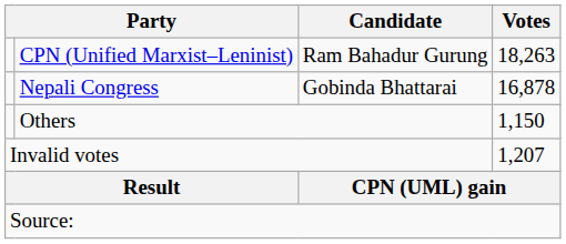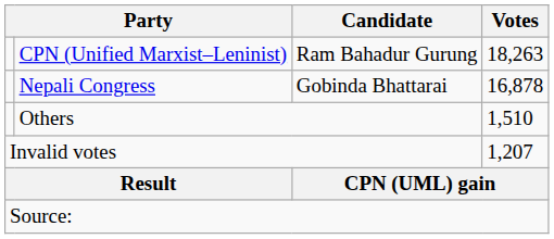 <table class="wikitable">
 <tr>
 <th colspan="2">Party</th>
 <th>Candidate</th>
 <th>Votes</th>
 </tr>
 <tr>
 <td style="background-color:"></td>
 <td><a href='#'>CPN (Unified Marxist–Leninist)</a></td>
 <td>Ram Bahadur Gurung</td>
 <td>18,263</td>
 </tr>
 <tr>
 <td style="background-color:"></td>
 <td><a href='#'>Nepali Congress</a></td>
 <td>Gobinda Bhattarai</td>
 <td>16,878</td>
 </tr>
 <tr>
 <td></td>
 <td colspan="2">Others</td>
-<td>1,150</td>
+<td>1,510</td>
 </tr>
 <tr>
 <td colspan="3">Invalid votes</td>
 <td>1,207</td>
 </tr>
 <tr>
 <th colspan="2">Result</th>
 <th colspan="2">CPN (UML) gain</th>
 </tr>
 <tr>
 <td colspan="4">Source: </td>
 </tr>
 </table>
